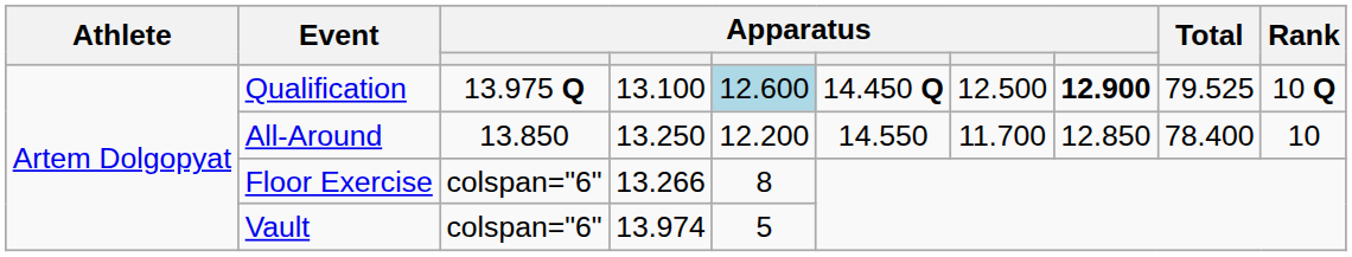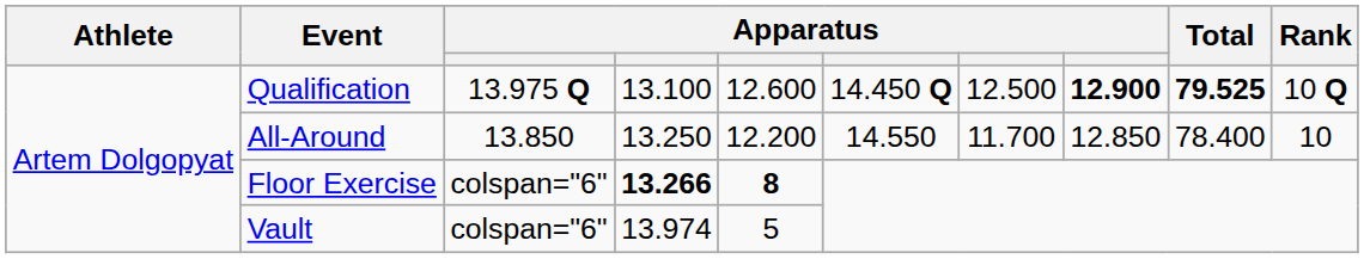 <table class="wikitable" style="font-size:90%">
 <tr>
 <th rowspan=2>Athlete</th>
 <th rowspan=2>Event</th>
 <th colspan =6>Apparatus</th>
 <th rowspan=2>Total</th>
 <th rowspan=2>Rank</th>
 </tr>
 <tr style="font-size:95%">
 <th></th>
 <th></th>
 <th></th>
 <th></th>
 <th></th>
 <th></th>
 </tr>
 <tr align=center>
 <td rowspan="4" align="left"><a href='#'>Artem Dolgopyat</a></td>
 <td align=left><a href='#'>Qualification</a></td>
 <td>13.975 <strong>Q</strong></td>
 <td>13.100</td>
-<td style="background: lightblue;">12.600</td>
+<td>12.600</td>
 <td>14.450 <strong>Q</strong></td>
 <td>12.500</td>
 <td><strong>12.900</strong></td>
-<td>79.525</td>
+<td><strong>79.525</strong></td>
 <td>10 <strong>Q</strong></td>
 </tr>
 <tr align=center>
 <td align=left><a href='#'>All-Around</a></td>
 <td>13.850</td>
 <td>13.250</td>
 <td>12.200</td>
 <td>14.550</td>
 <td>11.700</td>
 <td>12.850</td>
 <td>78.400</td>
 <td>10</td>
 </tr>
 <tr align=center>
 <td align=left><a href='#'>Floor Exercise</a></td>
 <td>colspan="6" </td>
-<td>13.266</td>
-<td>8</td>
+<td><strong>13.266</strong></td>
+<td><strong>8</strong></td>
 </tr>
 <tr align=center>
 <td align=left><a href='#'>Vault</a></td>
 <td>colspan="6" </td>
 <td>13.974</td>
 <td>5</td>
 </tr>
 </table>
